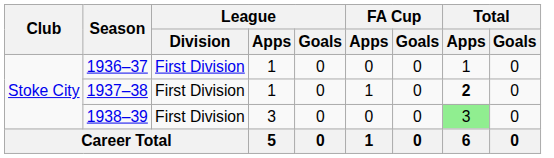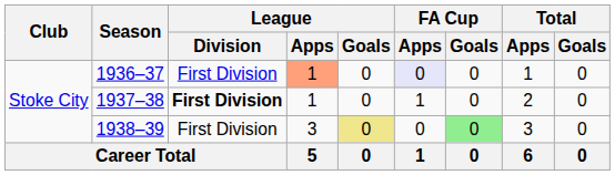 <table class="wikitable" style="text-align: center;">
 <tr>
 <th rowspan="2">Club</th>
 <th rowspan="2">Season</th>
 <th colspan="3">League</th>
 <th colspan="2">FA Cup</th>
 <th colspan="2">Total</th>
 </tr>
 <tr>
 <th>Division</th>
 <th>Apps</th>
 <th>Goals</th>
 <th>Apps</th>
 <th>Goals</th>
 <th>Apps</th>
 <th>Goals</th>
 </tr>
 <tr>
 <td rowspan="3"><a href='#'>Stoke City</a></td>
 <td><a href='#'>1936–37</a></td>
 <td><a href='#'>First Division</a></td>
-<td>1</td>
+<td style="background: lightsalmon;">1</td>
 <td>0</td>
-<td>0</td>
+<td style="background: lavender;">0</td>
 <td>0</td>
 <td>1</td>
 <td>0</td>
 </tr>
 <tr>
 <td><a href='#'>1937–38</a></td>
-<td>First Division</td>
+<td><strong>First Division</strong></td>
 <td>1</td>
 <td>0</td>
 <td>1</td>
 <td>0</td>
-<td><strong>2</strong></td>
+<td>2</td>
 <td>0</td>
 </tr>
 <tr>
 <td><a href='#'>1938–39</a></td>
 <td>First Division</td>
 <td>3</td>
+<td style="background: khaki;">0</td>
 <td>0</td>
-<td>0</td>
-<td>0</td>
-<td style="background: lightgreen;">3</td>
+<td style="background: lightgreen;">0</td>
+<td>3</td>
 <td>0</td>
 </tr>
 <tr>
 <th colspan="3">Career Total</th>
 <th>5</th>
 <th>0</th>
 <th>1</th>
 <th>0</th>
 <th>6</th>
 <th>0</th>
 </tr>
 </table>
